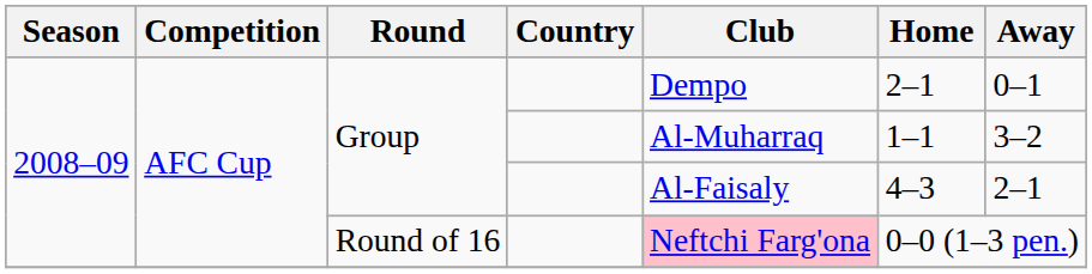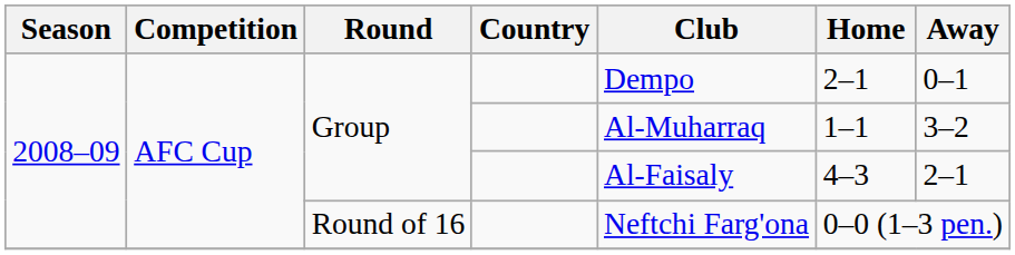 <table class="wikitable">
 <tr>
 <th>Season</th>
 <th>Competition</th>
 <th>Round</th>
 <th>Country</th>
 <th>Club</th>
 <th>Home</th>
 <th>Away</th>
 </tr>
 <tr>
 <td rowspan=4><a href='#'>2008–09</a></td>
 <td rowspan=4><a href='#'>AFC Cup</a></td>
 <td rowspan=3>Group</td>
 <td></td>
 <td><a href='#'>Dempo</a></td>
 <td>2–1</td>
 <td>0–1</td>
 </tr>
 <tr>
 <td></td>
 <td><a href='#'>Al-Muharraq</a></td>
 <td>1–1</td>
 <td>3–2</td>
 </tr>
 <tr>
 <td></td>
 <td><a href='#'>Al-Faisaly</a></td>
 <td>4–3</td>
 <td>2–1</td>
 </tr>
 <tr>
 <td>Round of 16</td>
 <td></td>
-<td style="background: pink;"><a href='#'>Neftchi Farg'ona</a></td>
+<td><a href='#'>Neftchi Farg'ona</a></td>
 <td colspan=2>0–0 (1–3 <a href='#'>pen.</a>)</td>
 </tr>
 <tr>
 </tr>
 </table>
